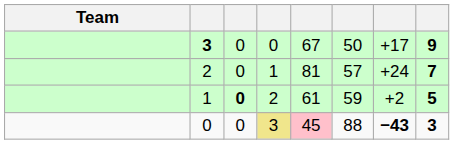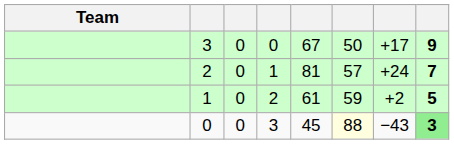 <table class="wikitable" style="text-align:center;">
 <tr>
 <th style="width:10.5em;">Team</th>
 <th style="width:1.5em;"></th>
 <th style="width:1.5em;"></th>
 <th style="width:1.5em;"></th>
 <th style="width:2.0em;"></th>
 <th style="width:2.0em;"></th>
 <th style="width:2.0em;"></th>
 <th style="width:1.5em;"></th>
 </tr>
 <tr bgcolor=#cfc>
 <td align="left"></td>
-<td><strong>3</strong></td>
+<td>3</td>
 <td>0</td>
 <td>0</td>
 <td>67</td>
 <td>50</td>
 <td>+17</td>
 <td><strong>9</strong></td>
 </tr>
 <tr bgcolor=#cfc>
 <td align="left"></td>
 <td>2</td>
 <td>0</td>
 <td>1</td>
 <td>81</td>
 <td>57</td>
 <td>+24</td>
 <td><strong>7</strong></td>
 </tr>
 <tr bgcolor=#cfc>
 <td align="left"></td>
 <td>1</td>
-<td><strong>0</strong></td>
+<td>0</td>
 <td>2</td>
 <td>61</td>
 <td>59</td>
 <td>+2</td>
 <td><strong>5</strong></td>
 </tr>
 <tr>
 <td align="left"></td>
 <td>0</td>
 <td>0</td>
-<td style="background: khaki;">3</td>
-<td style="background: pink;">45</td>
-<td>88</td>
-<td><strong>−43</strong></td>
-<td><strong>3</strong></td>
+<td>3</td>
+<td>45</td>
+<td style="background: lightyellow;">88</td>
+<td>−43</td>
+<td style="background: lightgreen;"><strong>3</strong></td>
 </tr>
 </table>
